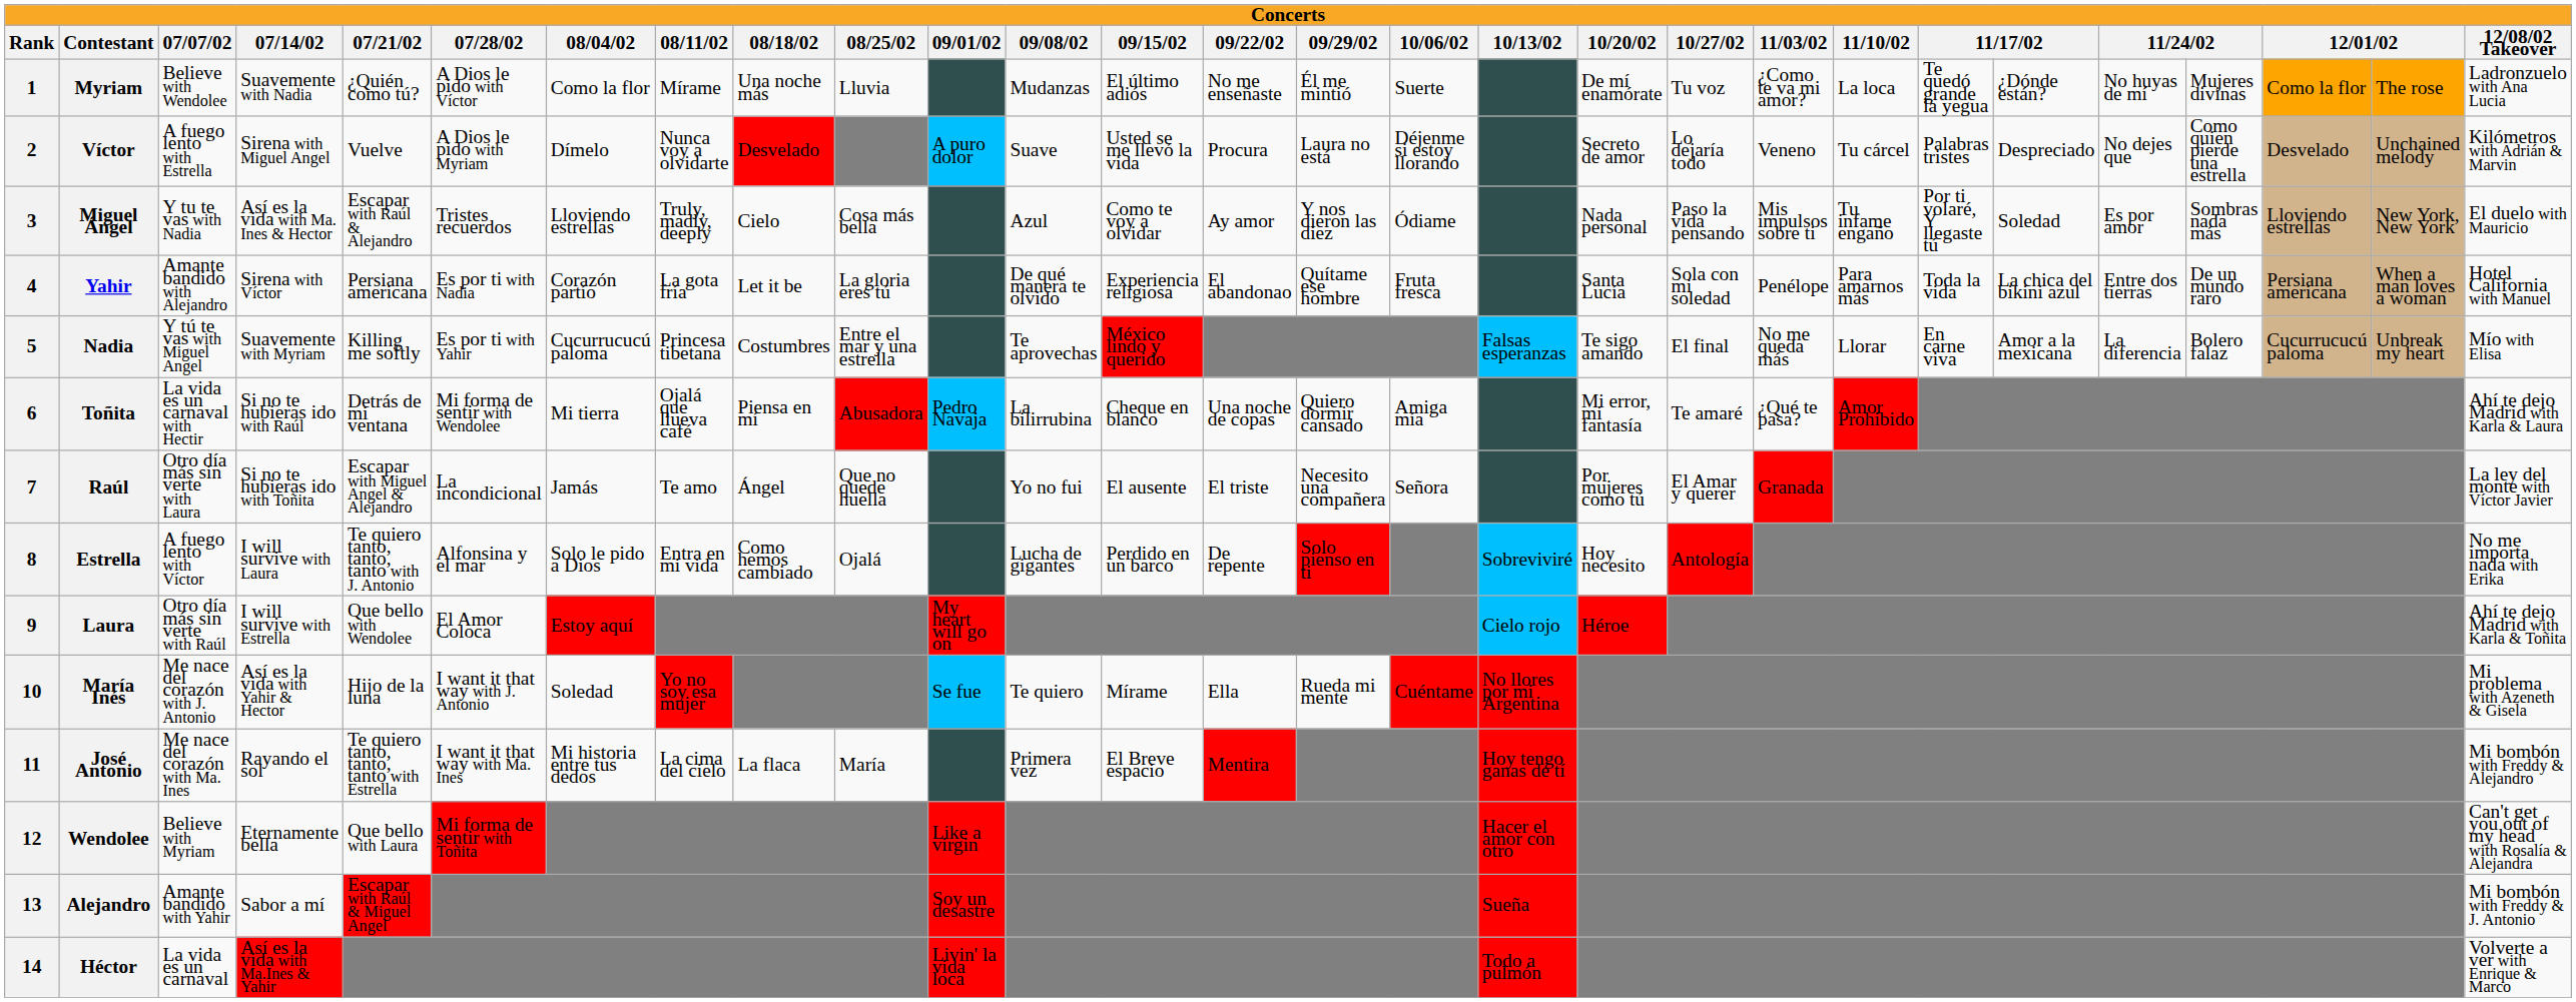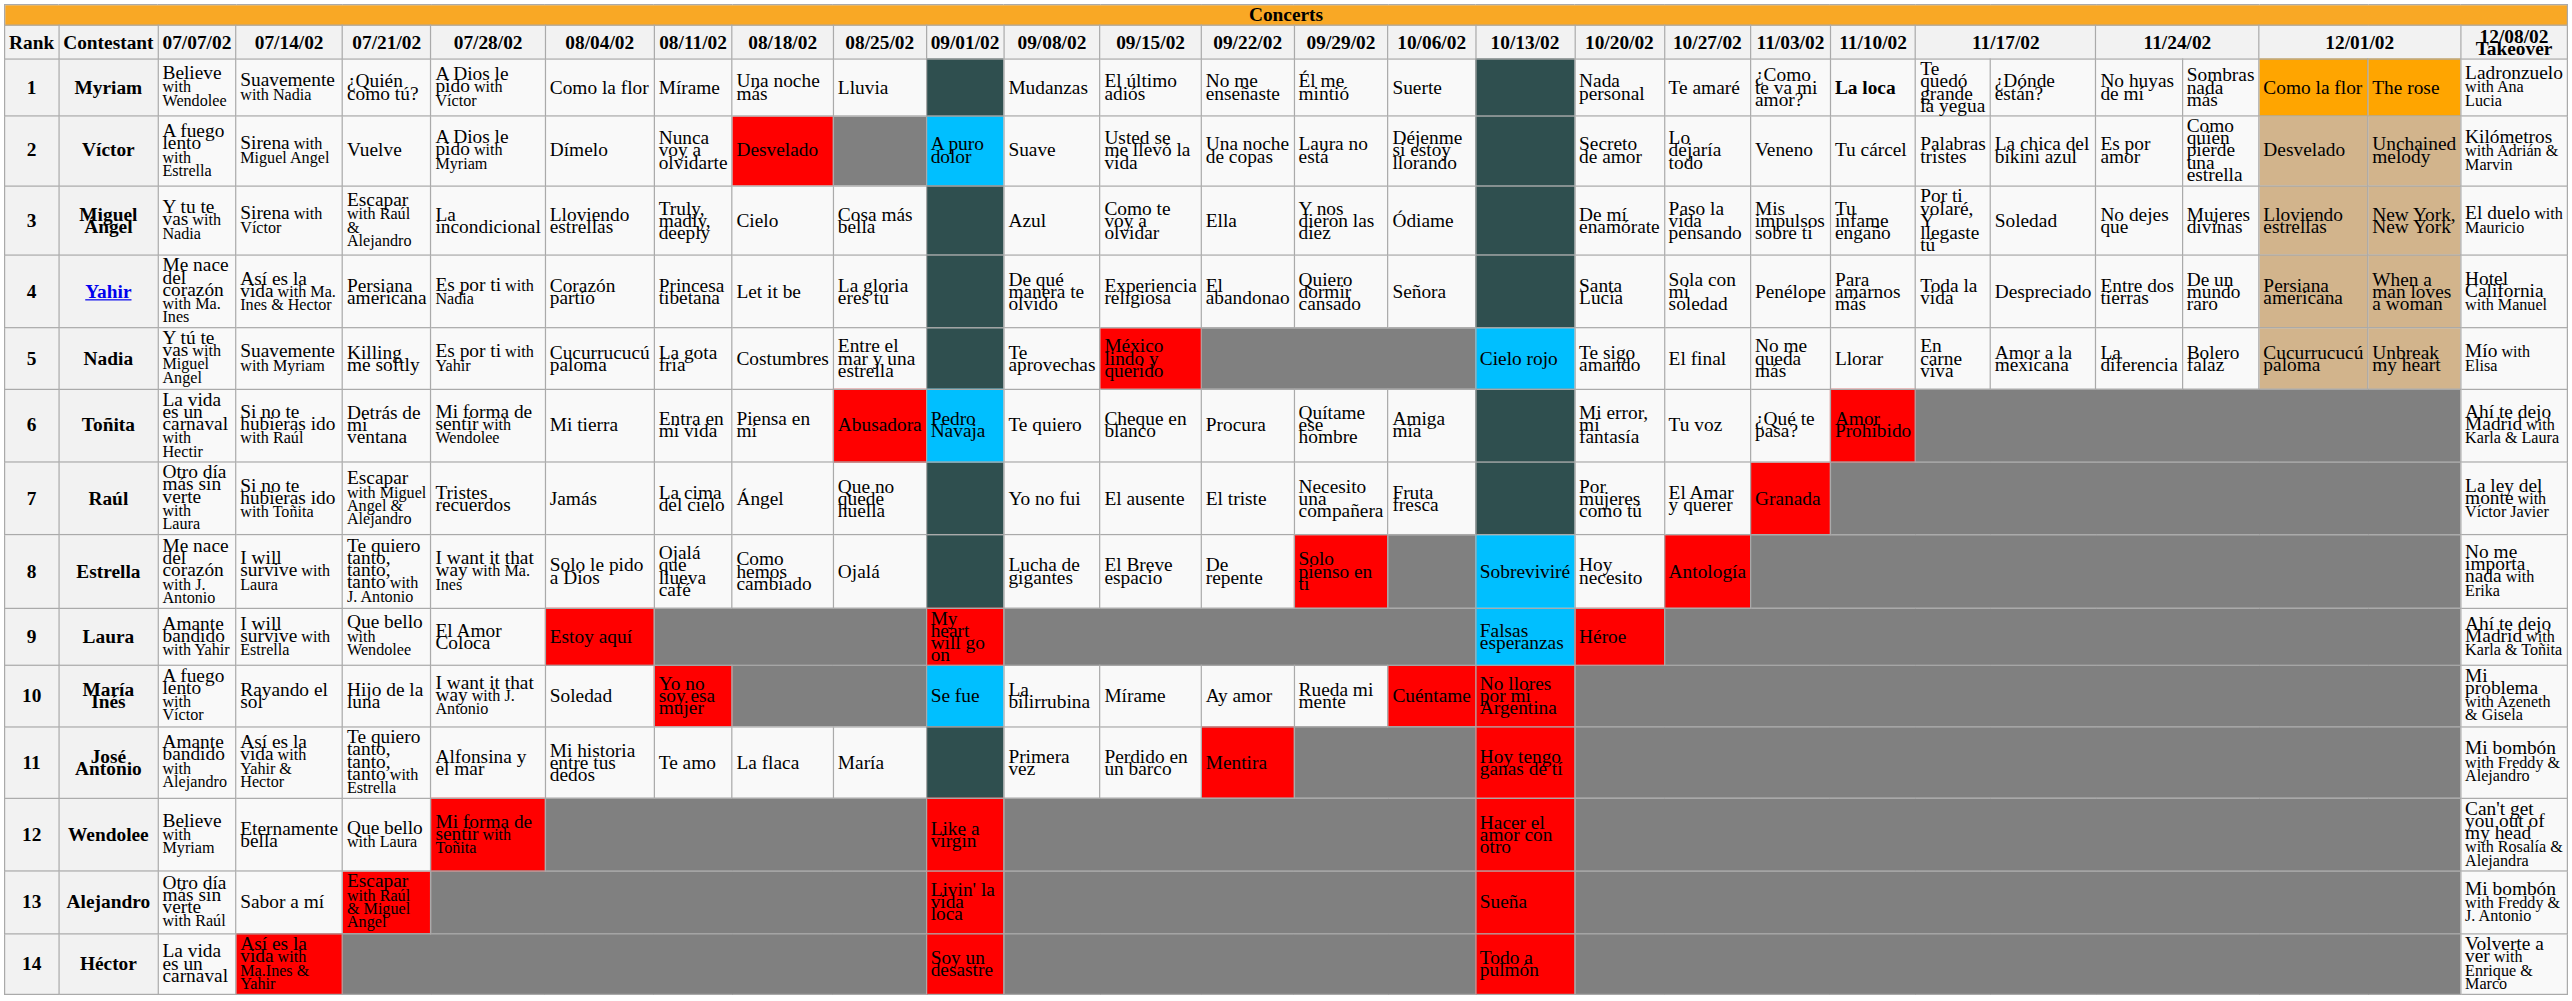 <table class="wikitable collapsible collapsed" style="text-align:left; line-height:10px; line-width:12px;">
 <tr>
 <th colspan="28" style="background:#F9A825;">Concerts</th>
 </tr>
 <tr>
 <th>Rank</th>
 <th>Contestant</th>
 <th>07/07/02</th>
 <th>07/14/02</th>
 <th>07/21/02</th>
 <th>07/28/02</th>
 <th>08/04/02</th>
 <th>08/11/02</th>
 <th>08/18/02</th>
 <th>08/25/02</th>
 <th>09/01/02</th>
 <th>09/08/02</th>
 <th>09/15/02</th>
 <th>09/22/02</th>
 <th>09/29/02</th>
 <th>10/06/02</th>
 <th>10/13/02</th>
 <th>10/20/02</th>
 <th>10/27/02</th>
 <th>11/03/02</th>
 <th>11/10/02</th>
 <th colspan="2">11/17/02</th>
 <th colspan="2">11/24/02</th>
 <th colspan="2">12/01/02</th>
 <th>12/08/02 Takeover</th>
 </tr>
 <tr>
 <th>1</th>
 <th>Myriam</th>
 <td>Believe<small> with Wendolee</small></td>
 <td>Suavemente<small> with Nadia</small></td>
 <td>¿Quién como tú?</td>
 <td>A Dios le pido<small> with Víctor</small></td>
 <td>Como la flor</td>
 <td>Mírame</td>
 <td>Una noche más</td>
 <td>Lluvia</td>
 <td style="background:DarkSlategrey;"></td>
 <td>Mudanzas</td>
 <td>El último adiós</td>
 <td>No me enseñaste</td>
 <td>Él me mintió</td>
 <td>Suerte</td>
 <td style="background:DarkSlategrey;"></td>
-<td>De mí enamórate</td>
-<td>Tu voz</td>
+<td>Nada personal</td>
+<td>Te amaré</td>
 <td>¿Como te va mi amor?</td>
-<td>La loca</td>
+<td><strong>La loca</strong></td>
 <td>Te quedó grande la yegua</td>
 <td>¿Dónde están?</td>
 <td>No huyas de mí</td>
-<td>Mujeres divinas</td>
+<td>Sombras nada más</td>
 <td style="background:Orange;">Como la flor</td>
 <td style="background:Orange;">The rose</td>
 <td>Ladronzuelo<small> with Ana Lucia</small></td>
 </tr>
 <tr>
 <th>2</th>
 <th>Víctor</th>
 <td>A fuego lento<small> with Estrella</small></td>
 <td>Sirena<small> with Miguel Angel</small></td>
 <td>Vuelve</td>
 <td>A Dios le pido<small> with Myriam</small></td>
 <td>Dímelo</td>
 <td>Nunca voy a olvidarte</td>
 <td style="background:red;">Desvelado</td>
 <td style="background:gray;"></td>
 <td style="background:DeepSkyBlue;">A puro dolor</td>
 <td>Suave</td>
 <td>Usted se me llevó la vida</td>
-<td>Procura</td>
+<td>Una noche de copas</td>
 <td>Laura no está</td>
 <td>Déjenme si estoy llorando</td>
 <td style="background:DarkSlategrey;"></td>
 <td>Secreto de amor</td>
 <td>Lo dejaría todo</td>
 <td>Veneno</td>
 <td>Tu cárcel</td>
 <td>Palabras tristes</td>
-<td>Despreciado</td>
-<td>No dejes que</td>
+<td>La chica del bikini azul</td>
+<td>Es por amor</td>
 <td>Como quien pierde una estrella</td>
 <td style="background:Tan;">Desvelado</td>
 <td style="background:Tan;">Unchained melody</td>
 <td>Kilómetros<small> with Adrián & Marvin</small></td>
 </tr>
 <tr>
 <th>3</th>
 <th>Miguel Ángel</th>
 <td>Y tu te vas<small> with Nadia</small></td>
-<td>Así es la vida<small> with Ma. Ines & Hector</small></td>
+<td>Sirena<small> with Víctor</small></td>
 <td>Escapar<small> with Raúl & Alejandro</small></td>
-<td>Tristes recuerdos</td>
+<td>La incondicional</td>
 <td>Lloviendo estrellas</td>
 <td>Truly, madly, deeply</td>
 <td>Cielo</td>
 <td>Cosa más bella</td>
 <td style="background:DarkSlategrey;"></td>
 <td>Azul</td>
 <td>Como te voy a olvidar</td>
-<td>Ay amor</td>
+<td>Ella</td>
 <td>Y nos dieron las diez</td>
 <td>Ódiame</td>
 <td style="background:DarkSlategrey;"></td>
-<td>Nada personal</td>
+<td>De mí enamórate</td>
 <td>Paso la vida pensando</td>
 <td>Mis impulsos sobre ti</td>
 <td>Tu infame engaño</td>
 <td>Por ti volaré, Y llegaste tú</td>
 <td>Soledad</td>
-<td>Es por amor</td>
-<td>Sombras nada más</td>
+<td>No dejes que</td>
+<td>Mujeres divinas</td>
 <td style="background:Tan;">Lloviendo estrellas</td>
 <td style="background:Tan;">New York, New York</td>
 <td>El duelo<small> with Mauricio</small></td>
 </tr>
 <tr>
 <th>4</th>
 <th><a href='#'>Yahir</a></th>
-<td>Amante bandido<small> with Alejandro</small></td>
-<td>Sirena<small> with Víctor</small></td>
+<td>Me nace del corazón<small> with Ma. Ines</small></td>
+<td>Así es la vida<small> with Ma. Ines & Hector</small></td>
 <td>Persiana americana</td>
 <td>Es por ti<small> with Nadia</small></td>
 <td>Corazón partío</td>
-<td>La gota fría</td>
+<td>Princesa tibetana</td>
 <td>Let it be</td>
 <td>La gloria eres tú</td>
 <td style="background:DarkSlategrey;"></td>
 <td>De qué manera te olvido</td>
 <td>Experiencia religiosa</td>
 <td>El abandonao</td>
-<td>Quítame ese hombre</td>
-<td>Fruta fresca</td>
+<td>Quiero dormir cansado</td>
+<td>Señora</td>
 <td style="background:DarkSlategrey;"></td>
 <td>Santa Lucía</td>
 <td>Sola con mi soledad</td>
 <td>Penélope</td>
 <td>Para amarnos más</td>
 <td>Toda la vida</td>
-<td>La chica del bikini azul</td>
+<td>Despreciado</td>
 <td>Entre dos tierras</td>
 <td>De un mundo raro</td>
 <td style="background:Tan;">Persiana americana</td>
 <td style="background:Tan;">When a man loves a woman</td>
 <td>Hotel California<small> with Manuel</small></td>
 </tr>
 <tr>
 <th>5</th>
 <th>Nadia</th>
 <td>Y tú te vas<small> with Miguel Angel</small></td>
 <td>Suavemente<small> with Myriam</small></td>
 <td>Killing me softly</td>
 <td>Es por ti<small> with Yahir</small></td>
 <td>Cucurrucucú paloma</td>
-<td>Princesa tibetana</td>
+<td>La gota fría</td>
 <td>Costumbres</td>
 <td>Entre el mar y una estrella</td>
 <td style="background:DarkSlategrey;"></td>
 <td>Te aprovechas</td>
 <td style="background:red;">México lindo y querido</td>
 <td style="background:gray;" colspan="3"></td>
-<td style="background:DeepSkyBlue;">Falsas esperanzas</td>
+<td style="background:DeepSkyBlue;">Cielo rojo</td>
 <td>Te sigo amando</td>
 <td>El final</td>
 <td>No me queda más</td>
 <td>Llorar</td>
 <td>En carne viva</td>
 <td>Amor a la mexicana</td>
 <td>La diferencia</td>
 <td>Bolero falaz</td>
 <td style="background:Tan;">Cucurrucucú paloma</td>
 <td style="background:Tan;">Unbreak my heart</td>
 <td>Mío<small> with Elisa</small></td>
 </tr>
 <tr>
 <th>6</th>
 <th>Toñita</th>
 <td>La vida es un carnaval<small> with Hectir</small></td>
 <td>Si no te hubieras ido<small> with Raúl</small></td>
 <td>Detrás de mi ventana</td>
 <td>Mi forma de sentir<small> with Wendolee</small></td>
 <td>Mi tierra</td>
-<td>Ojalá que llueva café</td>
+<td>Entra en mi vida</td>
 <td>Piensa en mí</td>
 <td style="background:red;">Abusadora</td>
 <td style="background:DeepSkyBlue;">Pedro Navaja</td>
-<td>La bilirrubina</td>
+<td>Te quiero</td>
 <td>Cheque en blanco</td>
-<td>Una noche de copas</td>
-<td>Quiero dormir cansado</td>
+<td>Procura</td>
+<td>Quítame ese hombre</td>
 <td>Amiga mía</td>
 <td style="background:DarkSlategrey;"></td>
 <td>Mi error, mi fantasía</td>
-<td>Te amaré</td>
+<td>Tu voz</td>
 <td>¿Qué te pasa?</td>
 <td style="background:red;">Amor Prohibido</td>
 <td style="background:gray;" colspan="6"></td>
 <td>Ahí te dejo Madrid<small> with Karla & Laura</small></td>
 </tr>
 <tr>
 <th>7</th>
 <th>Raúl</th>
 <td>Otro día más sin verte<small> with Laura</small></td>
 <td>Si no te hubieras ido<small> with Toñita</small></td>
 <td>Escapar<small> with Miguel Angel & Alejandro</small></td>
-<td>La incondicional</td>
+<td>Tristes recuerdos</td>
 <td>Jamás</td>
-<td>Te amo</td>
+<td>La cima del cielo</td>
 <td>Ángel</td>
 <td>Que no quede huella</td>
 <td style="background:DarkSlategrey;"></td>
 <td>Yo no fui</td>
 <td>El ausente</td>
 <td>El triste</td>
 <td>Necesito una compañera</td>
-<td>Señora</td>
+<td>Fruta fresca</td>
 <td style="background:DarkSlategrey;"></td>
 <td>Por mujeres como tú</td>
 <td>El Amar y querer</td>
 <td style="background:red;">Granada</td>
 <td style="background:gray;" colspan="7"></td>
 <td>La ley del monte<small> with Víctor Javier</small></td>
 </tr>
 <tr>
 <th>8</th>
 <th>Estrella</th>
-<td>A fuego lento<small> with Víctor</small></td>
+<td>Me nace del corazón<small> with J. Antonio</small></td>
 <td>I will survive<small> with Laura</small></td>
 <td>Te quiero tanto, tanto, tanto<small> with J. Antonio</small></td>
-<td>Alfonsina y el mar</td>
+<td>I want it that way<small> with Ma. Ines</small></td>
 <td>Solo le pido a Dios</td>
-<td>Entra en mi vida</td>
+<td>Ojalá que llueva café</td>
 <td>Como hemos cambiado</td>
 <td>Ojalá</td>
 <td style="background:DarkSlategrey;"></td>
 <td>Lucha de gigantes</td>
-<td>Perdido en un barco</td>
+<td>El Breve espacio</td>
 <td>De repente</td>
 <td style="background:red;">Solo pienso en ti</td>
 <td style="background:gray;"></td>
 <td style="background:DeepSkyBlue;">Sobreviviré</td>
 <td>Hoy necesito</td>
 <td style="background:red;">Antología</td>
 <td style="background:gray;" colspan="8"></td>
 <td>No me importa nada<small> with Erika</small></td>
 </tr>
 <tr>
 <th>9</th>
 <th>Laura</th>
-<td>Otro día más sin verte<small> with Raúl</small></td>
+<td>Amante bandido<small> with Yahir</small></td>
 <td>I will survive<small> with Estrella</small></td>
 <td>Que bello<small> with Wendolee</small></td>
 <td>El Amor Coloca</td>
 <td style="background:red;">Estoy aquí</td>
 <td style="background:gray;" colspan="3"></td>
 <td style="background:red;">My heart will go on</td>
 <td style="background:gray;" colspan="5"></td>
-<td style="background:DeepSkyBlue;">Cielo rojo</td>
+<td style="background:DeepSkyBlue;">Falsas esperanzas</td>
 <td style="background:red;">Héroe</td>
 <td style="background:gray;" colspan="9"></td>
 <td>Ahí te dejo Madrid<small> with Karla & Toñita</small></td>
 </tr>
 <tr>
 <th>10</th>
 <th>María Inés</th>
-<td>Me nace del corazón<small> with J. Antonio</small></td>
-<td>Así es la vida<small> with Yahir & Hector</small></td>
+<td>A fuego lento<small> with Víctor</small></td>
+<td>Rayando el sol</td>
 <td>Hijo de la luna</td>
 <td>I want it that way<small> with J. Antonio</small></td>
 <td>Soledad</td>
 <td style="background:red;">Yo no soy esa mujer</td>
 <td style="background:gray;" colspan="2"></td>
 <td style="background:DeepSkyBlue;">Se fue</td>
-<td>Te quiero</td>
+<td>La bilirrubina</td>
 <td>Mírame</td>
-<td>Ella</td>
+<td>Ay amor</td>
 <td>Rueda mi mente</td>
 <td style="background:red;">Cuéntame</td>
 <td style="background:red;">No llores por mi Argentina</td>
 <td style="background:gray;" colspan="10"></td>
 <td>Mi problema<small> with Azeneth & Gisela</small></td>
 </tr>
 <tr>
 <th>11</th>
 <th>José Antonio</th>
-<td>Me nace del corazón<small> with Ma. Ines</small></td>
-<td>Rayando el sol</td>
+<td>Amante bandido<small> with Alejandro</small></td>
+<td>Así es la vida<small> with Yahir & Hector</small></td>
 <td>Te quiero tanto, tanto, tanto<small> with Estrella</small></td>
-<td>I want it that way<small> with Ma. Ines</small></td>
+<td>Alfonsina y el mar</td>
 <td>Mi historia entre tus dedos</td>
-<td>La cima del cielo</td>
+<td>Te amo</td>
 <td>La flaca</td>
 <td>María</td>
 <td style="background:DarkSlategrey;"></td>
 <td>Primera vez</td>
-<td>El Breve espacio</td>
+<td>Perdido en un barco</td>
 <td style="background:red;">Mentira</td>
 <td style="background:gray;" colspan="2"></td>
 <td style="background:red;">Hoy tengo ganas de tí</td>
 <td style="background:gray;" colspan="10"></td>
 <td>Mi bombón<small> with Freddy & Alejandro</small></td>
 </tr>
 <tr>
 <th>12</th>
 <th>Wendolee</th>
 <td>Believe<small> with Myriam</small></td>
 <td>Eternamente bella</td>
 <td>Que bello<small> with Laura</small></td>
 <td style="background:red;">Mi forma de sentir<small> with Toñita</small></td>
 <td style="background:gray;" colspan="4"></td>
 <td style="background:red;">Like a virgin</td>
 <td style="background:gray;" colspan="5"></td>
 <td style="background:red;">Hacer el amor con otro</td>
 <td style="background:gray;" colspan="10"></td>
 <td>Can't get you out of my head<small> with Rosalía & Alejandra</small></td>
 </tr>
 <tr>
 <th>13</th>
 <th>Alejandro</th>
-<td>Amante bandido<small> with Yahir</small></td>
+<td>Otro día más sin verte<small> with Raúl</small></td>
 <td>Sabor a mí</td>
 <td style="background:red;">Escapar<small> with Raúl & Miguel Angel</small></td>
 <td style="background:gray;" colspan="5"></td>
-<td style="background:red;">Soy un desastre</td>
+<td style="background:red;">Livin' la vida loca</td>
 <td style="background:gray;" colspan="5"></td>
 <td style="background:red;">Sueña</td>
 <td style="background:gray;" colspan="10"></td>
 <td>Mi bombón<small> with Freddy & J. Antonio</small></td>
 </tr>
 <tr>
 <th>14</th>
 <th>Héctor</th>
 <td>La vida es un carnaval</td>
 <td style="background:red;">Así es la vida<small> with Ma.Ines & Yahir</small></td>
 <td style="background:gray;" colspan="6"></td>
-<td style="background:red;">Livin' la vida loca</td>
+<td style="background:red;">Soy un desastre</td>
 <td style="background:gray;" colspan="5"></td>
 <td style="background:red;">Todo a pulmón</td>
 <td style="background:gray;" colspan="10"></td>
 <td>Volverte a ver<small> with Enrique & Marco</small></td>
 </tr>
 </table>
